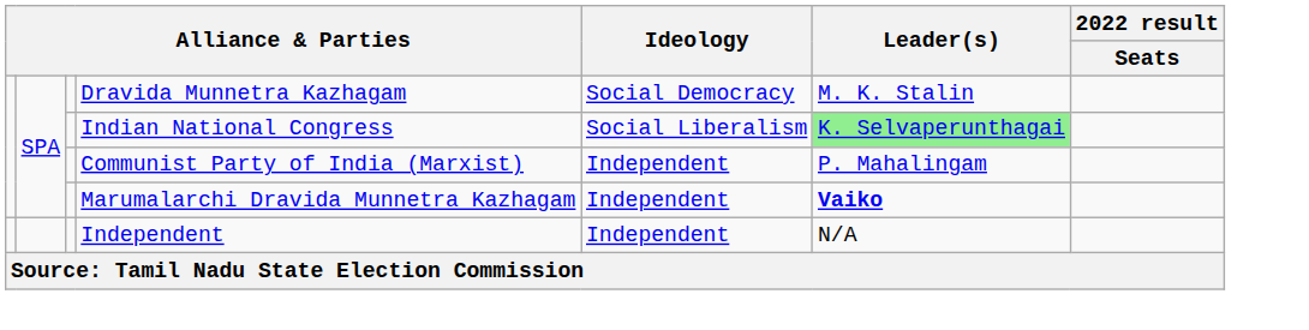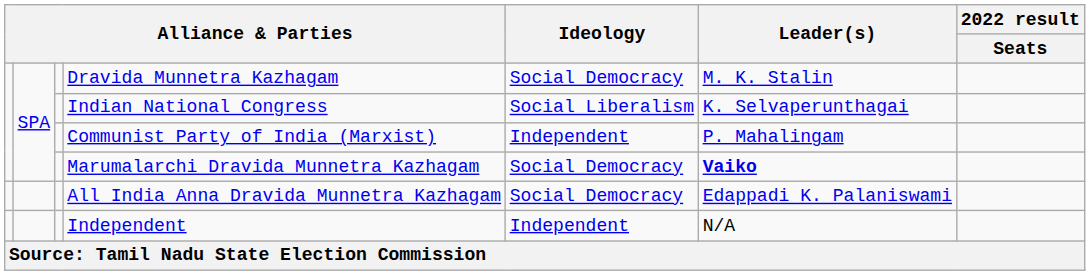 <table class="wikitable">
 <tr>
 <th colspan="4" rowspan="2">Alliance & Parties</th>
 <th rowspan="2">Ideology</th>
 <th rowspan="2">Leader(s)</th>
 <th>2022 result</th>
 </tr>
 <tr>
 <th>Seats</th>
 </tr>
 <tr>
 <td rowspan="4"><br></td>
 <td rowspan="4"><a href='#'>SPA</a></td>
 <td><br></td>
 <td><a href='#'>Dravida Munnetra Kazhagam</a></td>
 <td><a href='#'>Social Democracy</a></td>
 <td><a href='#'>M. K. Stalin</a></td>
 <td></td>
 </tr>
 <tr>
 <td><br></td>
 <td><a href='#'>Indian National Congress</a></td>
 <td><a href='#'>Social Liberalism</a></td>
-<td style="background: lightgreen;"><a href='#'>K. Selvaperunthagai</a></td>
+<td><a href='#'>K. Selvaperunthagai</a></td>
 <td></td>
 </tr>
 <tr>
 <td><br></td>
 <td><a href='#'>Communist Party of India (Marxist)</a></td>
 <td><a href='#'>Independent</a></td>
 <td><a href='#'>P. Mahalingam</a></td>
 <td></td>
 </tr>
 <tr>
 <td><br></td>
 <td><a href='#'>Marumalarchi Dravida Munnetra Kazhagam</a></td>
-<td><a href='#'>Independent</a></td>
+<td><a href='#'>Social Democracy</a></td>
 <td><strong><a href='#'>Vaiko</a></strong></td>
+<td></td>
+</tr>
+<tr>
+<td rowspan="1"><br></td>
+<td rowspan="1"></td>
+<td><br></td>
+<td><a href='#'>All India Anna Dravida Munnetra Kazhagam</a></td>
+<td><a href='#'>Social Democracy</a></td>
+<td><a href='#'>Edappadi K. Palaniswami</a></td>
 <td></td>
 </tr>
 <tr>
 <td rowspan="1"></td>
 <td rowspan="1"></td>
 <td></td>
 <td><a href='#'>Independent</a></td>
 <td><a href='#'>Independent</a></td>
 <td>N/A</td>
 <td></td>
 </tr>
 <tr>
 <th colspan="7" style="text-align:left;">Source: Tamil Nadu State Election Commission</th>
 </tr>
 </table>
